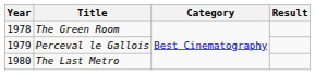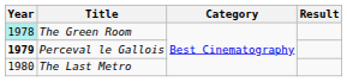 <table class="wikitable">
 <tr>
 <th>Year</th>
 <th>Title</th>
 <th>Category</th>
 <th>Result</th>
 </tr>
 <tr>
-<td>1978</td>
+<td style="background: paleturquoise;">1978</td>
 <td><em>The Green Room</em></td>
 <td rowspan=3><a href='#'>Best Cinematography</a></td>
 <td></td>
 </tr>
 <tr>
-<td>1979</td>
+<td><strong>1979</strong></td>
 <td><em>Perceval le Gallois</em></td>
 <td></td>
 </tr>
 <tr>
 <td>1980</td>
 <td><em>The Last Metro</em></td>
 <td></td>
 </tr>
 </table>
